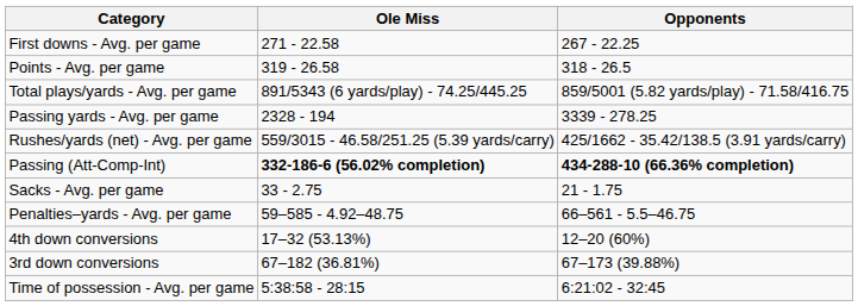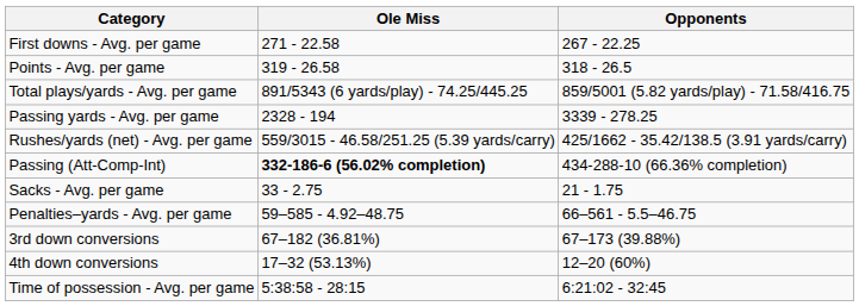 <table class="wikitable" style="float: left;">
 <tr>
 <th>Category</th>
 <th>Ole Miss</th>
 <th>Opponents</th>
 </tr>
 <tr>
 <td>First downs - Avg. per game</td>
 <td>271 - 22.58</td>
 <td>267 - 22.25</td>
 </tr>
 <tr>
 <td>Points - Avg. per game</td>
 <td>319 - 26.58</td>
 <td>318 - 26.5</td>
 </tr>
 <tr>
 <td>Total plays/yards - Avg. per game</td>
 <td>891/5343 (6 yards/play) - 74.25/445.25</td>
 <td>859/5001 (5.82 yards/play) - 71.58/416.75</td>
 </tr>
 <tr>
 <td>Passing yards - Avg. per game</td>
 <td>2328 - 194</td>
 <td>3339 - 278.25</td>
 </tr>
 <tr>
 <td>Rushes/yards (net) - Avg. per game</td>
 <td>559/3015 - 46.58/251.25 (5.39 yards/carry)</td>
 <td>425/1662 - 35.42/138.5 (3.91 yards/carry)</td>
 </tr>
 <tr>
 <td>Passing (Att-Comp-Int)</td>
 <td><strong>332-186-6 (56.02% completion)</strong></td>
-<td><strong>434-288-10 (66.36% completion)</strong></td>
+<td>434-288-10 (66.36% completion)</td>
 </tr>
 <tr>
 <td>Sacks - Avg. per game</td>
 <td>33 - 2.75</td>
 <td>21 - 1.75</td>
 </tr>
 <tr>
 <td>Penalties–yards - Avg. per game</td>
 <td>59–585 - 4.92–48.75</td>
 <td>66–561 - 5.5–46.75</td>
 </tr>
 <tr>
+<td>3rd down conversions</td>
+<td>67–182 (36.81%)</td>
+<td>67–173 (39.88%)</td>
+</tr>
+<tr>
 <td>4th down conversions</td>
 <td>17–32 (53.13%)</td>
 <td>12–20 (60%)</td>
-</tr>
-<tr>
-<td>3rd down conversions</td>
-<td>67–182 (36.81%)</td>
-<td>67–173 (39.88%)</td>
 </tr>
 <tr>
 <td>Time of possession - Avg. per game</td>
 <td>5:38:58 - 28:15</td>
 <td>6:21:02 - 32:45</td>
 </tr>
 </table>
